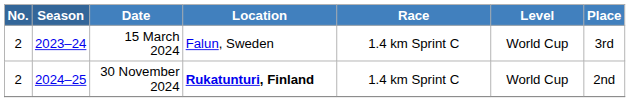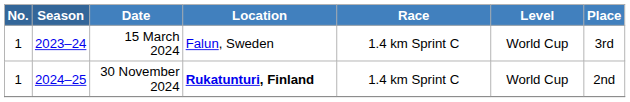 <table class="wikitable sortable" style="font-size:95%; text-align:center; border:grey solid 1px; border-collapse:collapse; background:#ffffff;">
 <tr style="background:#efefef;">
 <th style="background-color:#369; color:white;">No.</th>
 <th style="background-color:#369; color:white;">Season</th>
 <th style="background-color:#4180be; color:white; width:100px;">Date</th>
 <th style="background-color:#4180be; color:white; width:170px;">Location</th>
 <th style="background-color:#4180be; color:white; width:170px;">Race</th>
 <th style="background-color:#4180be; color:white; width:100px;">Level</th>
 <th style="background-color:#4180be; color:white;">Place</th>
 </tr>
 <tr>
-<td align=center>2</td>
+<td align=center>1</td>
 <td align="center"><a href='#'>2023–24</a></td>
 <td align=right>15 March 2024</td>
 <td align=left> <a href='#'>Falun</a>, Sweden</td>
 <td>1.4 km Sprint C</td>
 <td>World Cup</td>
 <td>3rd</td>
 </tr>
 <tr>
-<td align=center>2</td>
+<td align=center>1</td>
 <td align="center"><a href='#'>2024–25</a></td>
 <td align=right>30 November 2024</td>
 <td align=left><strong> <a href='#'>Rukatunturi</a>, Finland</strong></td>
 <td>1.4 km Sprint C</td>
 <td>World Cup</td>
 <td>2nd</td>
 </tr>
 <tr>
 </tr>
 </table>
